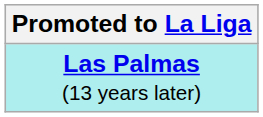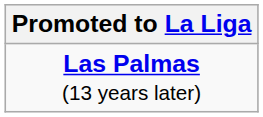 <table class="wikitable" style="text-align: center; margin: 0 auto;">
 <tr>
 <th colspan="9">Promoted to  <a href='#'>La Liga</a></th>
 </tr>
 <tr>
-<td style="background: paleturquoise;"><strong><a href='#'>Las Palmas</a></strong><br><small>(13 years later)</small></td>
+<td><strong><a href='#'>Las Palmas</a></strong><br><small>(13 years later)</small></td>
 </tr>
 </table>
